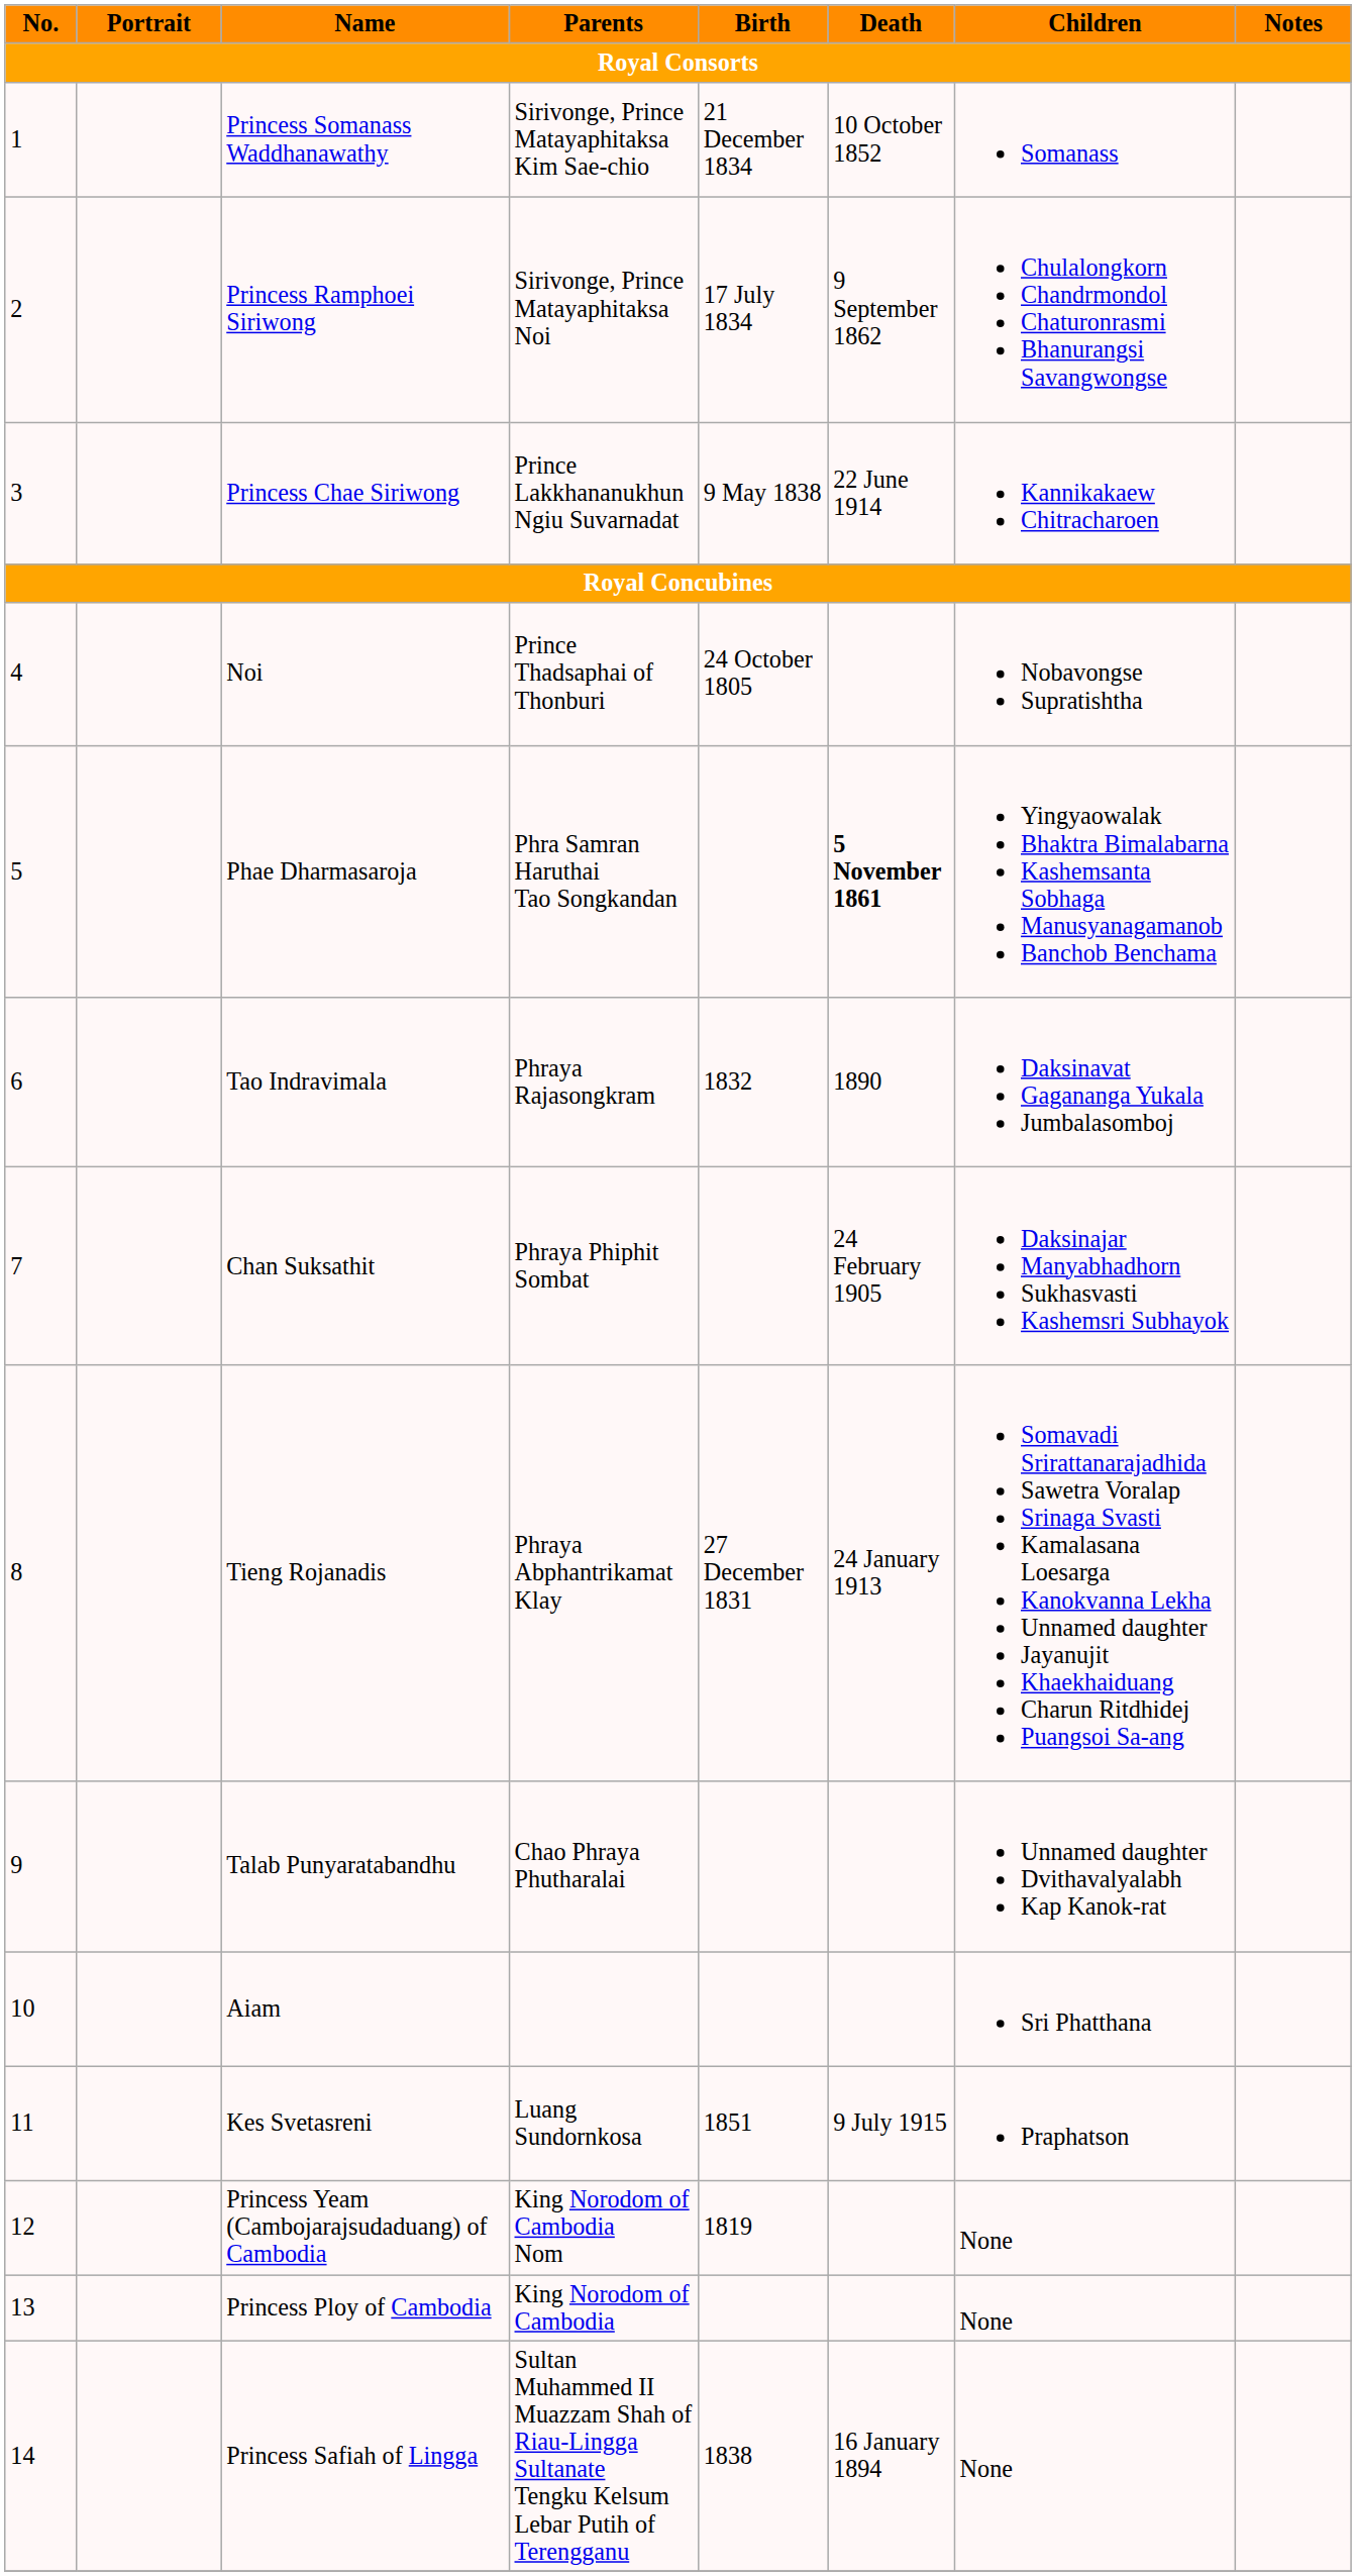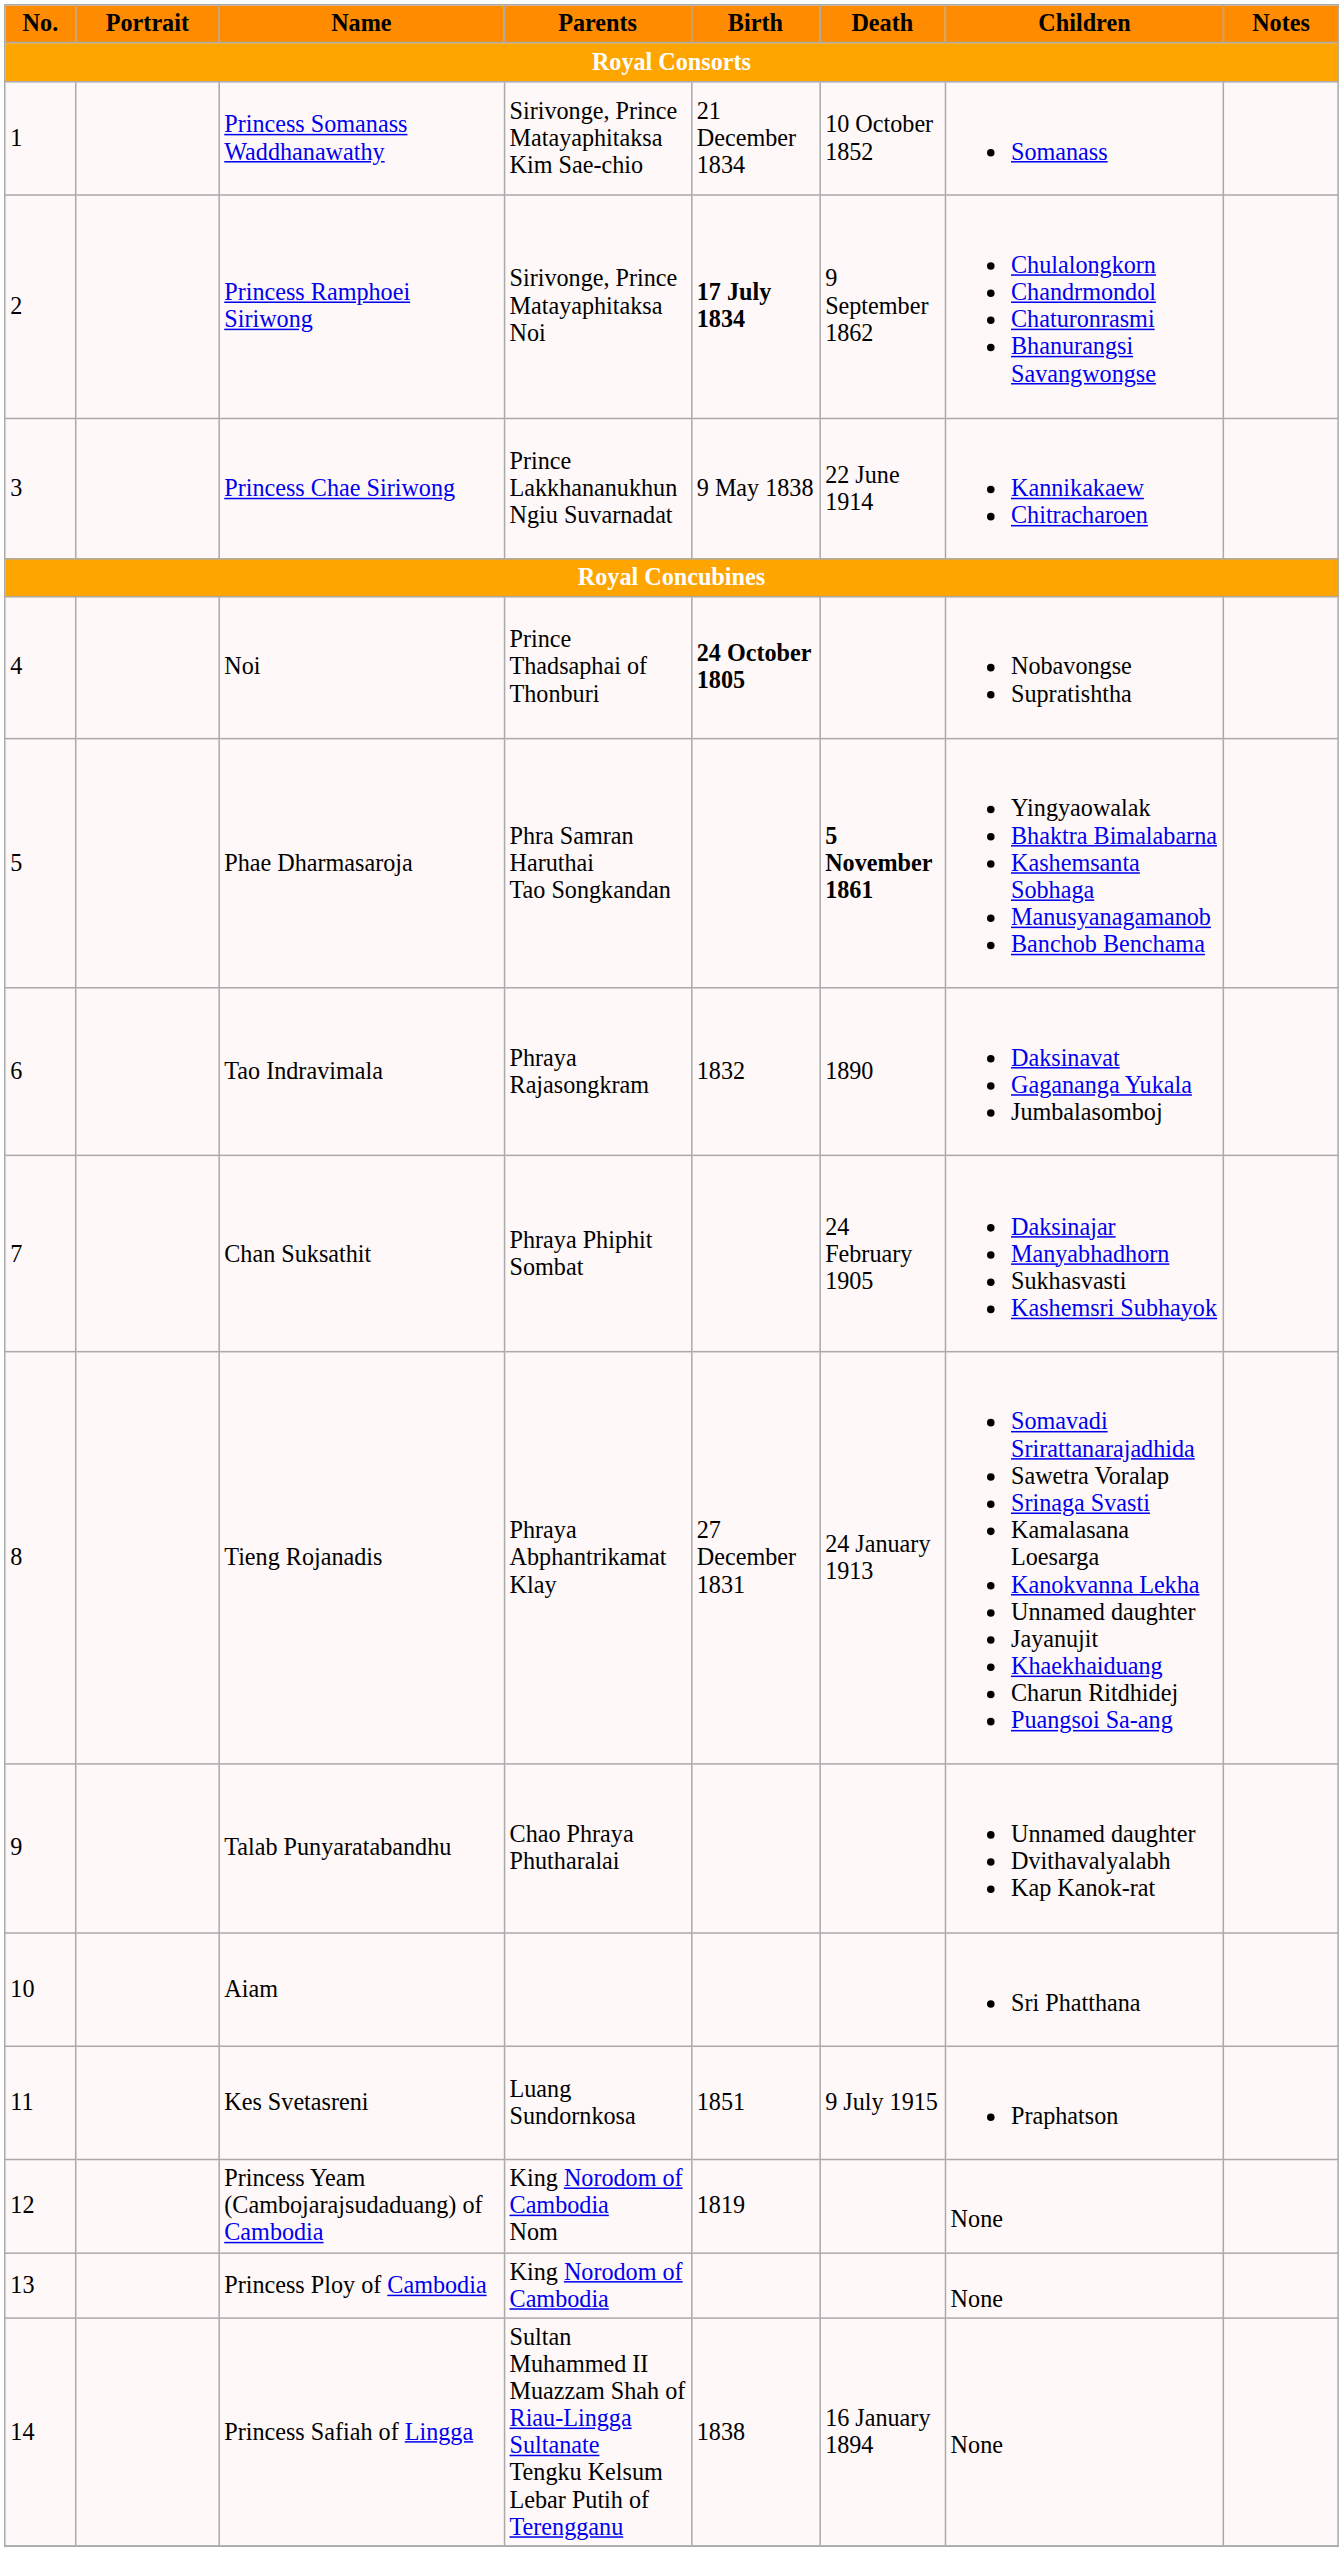 <table width=100% class="wikitable">
 <tr>
 <th style="background-color:#ff8c00" width=5%>No.</th>
 <th style="background-color:#ff8c00" width=10%>Portrait</th>
 <th style="background-color:#ff8c00" width=20%>Name</th>
 <th style="background-color:#ff8c00" width=9%>Parents</th>
 <th style="background-color:#ff8c00" width=9%>Birth</th>
 <th style="background-color:#ff8c00" width=8%>Death</th>
 <th style="background-color:#ff8c00" width=8%>Children</th>
 <th style="background-color:#ff8c00" width=8%>Notes</th>
 </tr>
 <tr>
 <td colspan="8" style="background:#ffa500; color: white;" align="center"><strong>Royal Consorts</strong></td>
 </tr>
 <tr bgcolor=fff8f8>
 <td>1</td>
 <td align="center"></td>
 <td><a href='#'>Princess Somanass Waddhanawathy</a><br></td>
 <td>Sirivonge, Prince Matayaphitaksa<br>Kim Sae-chio</td>
 <td>21 December 1834</td>
 <td>10 October 1852</td>
 <td valign="center"><br><ul><li><a href='#'>Somanass</a></li></ul></td>
 <td></td>
 </tr>
 <tr bgcolor=fff8f8>
 <td>2</td>
 <td align="center"></td>
 <td><a href='#'>Princess Ramphoei Siriwong</a><br></td>
 <td>Sirivonge, Prince Matayaphitaksa<br>Noi</td>
-<td>17 July 1834</td>
+<td><strong>17 July 1834</strong></td>
 <td>9 September 1862</td>
 <td valign="center"><br><ul><li><a href='#'>Chulalongkorn</a></li><li><a href='#'>Chandrmondol</a></li><li><a href='#'>Chaturonrasmi</a></li><li><a href='#'>Bhanurangsi Savangwongse</a></li></ul></td>
 <td></td>
 </tr>
 <tr bgcolor=fff8f8>
 <td>3</td>
 <td align="center"></td>
 <td><a href='#'>Princess Chae Siriwong</a><br></td>
 <td>Prince Lakkhananukhun<br>Ngiu Suvarnadat</td>
 <td>9 May 1838</td>
 <td>22 June 1914</td>
 <td valign="center"><br><ul><li><a href='#'>Kannikakaew</a></li><li><a href='#'>Chitracharoen</a></li></ul></td>
 <td></td>
 </tr>
 <tr>
 <td colspan="8" style="background:#ffa500; color: white;" align="center"><strong>Royal Concubines</strong></td>
 </tr>
 <tr bgcolor=fff8f8>
 <td>4</td>
 <td align="center"></td>
 <td>Noi<br></td>
 <td>Prince Thadsaphai of Thonburi</td>
-<td>24 October 1805</td>
+<td><strong>24 October 1805</strong></td>
 <td></td>
 <td valign="center"><br><ul><li>Nobavongse</li><li>Supratishtha</li></ul></td>
 <td></td>
 </tr>
 <tr bgcolor=fff8f8>
 <td>5</td>
 <td align="center"></td>
 <td>Phae Dharmasaroja<br></td>
 <td>Phra Samran Haruthai<br>Tao Songkandan</td>
 <td></td>
 <td><strong>5 November 1861</strong></td>
 <td valign="center"><br><ul><li>Yingyaowalak</li><li><a href='#'>Bhaktra Bimalabarna</a></li><li><a href='#'>Kashemsanta Sobhaga</a></li><li><a href='#'>Manusyanagamanob</a></li><li><a href='#'>Banchob Benchama</a></li></ul></td>
 <td></td>
 </tr>
 <tr bgcolor=fff8f8>
 <td>6</td>
 <td align="center"></td>
 <td>Tao Indravimala<br></td>
 <td>Phraya Rajasongkram</td>
 <td>1832</td>
 <td>1890</td>
 <td valign="center"><br><ul><li><a href='#'>Daksinavat</a></li><li><a href='#'>Gagananga Yukala</a></li><li>Jumbalasomboj</li></ul></td>
 <td></td>
 </tr>
 <tr bgcolor=fff8f8>
 <td>7</td>
 <td align="center"></td>
 <td>Chan Suksathit<br></td>
 <td>Phraya Phiphit Sombat</td>
 <td></td>
 <td>24 February 1905</td>
 <td valign="center"><br><ul><li><a href='#'>Daksinajar</a></li><li><a href='#'>Manyabhadhorn</a></li><li>Sukhasvasti</li><li><a href='#'>Kashemsri Subhayok</a></li></ul></td>
 <td></td>
 </tr>
 <tr bgcolor=fff8f8>
 <td>8</td>
 <td align="center"></td>
 <td>Tieng Rojanadis<br></td>
 <td>Phraya Abphantrikamat<br>Klay</td>
 <td>27 December 1831</td>
 <td>24 January 1913</td>
 <td valign="center"><br><ul><li><a href='#'>Somavadi Srirattanarajadhida</a></li><li>Sawetra Voralap</li><li><a href='#'>Srinaga Svasti</a></li><li>Kamalasana Loesarga</li><li><a href='#'>Kanokvanna Lekha</a></li><li>Unnamed daughter</li><li>Jayanujit</li><li><a href='#'>Khaekhaiduang</a></li><li>Charun Ritdhidej</li><li><a href='#'>Puangsoi Sa-ang</a></li></ul></td>
 <td></td>
 </tr>
 <tr bgcolor=fff8f8>
 <td>9</td>
 <td align="center"></td>
 <td>Talab Punyaratabandhu<br></td>
 <td>Chao Phraya Phutharalai</td>
 <td></td>
 <td></td>
 <td valign="center"><br><ul><li>Unnamed daughter</li><li>Dvithavalyalabh</li><li>Kap Kanok-rat</li></ul></td>
 <td></td>
 </tr>
 <tr bgcolor=fff8f8>
 <td>10</td>
 <td align="center"></td>
 <td>Aiam<br></td>
 <td></td>
 <td></td>
 <td></td>
 <td valign="center"><br><ul><li>Sri Phatthana</li></ul></td>
 <td></td>
 </tr>
 <tr bgcolor=fff8f8>
 <td>11</td>
 <td align="center"></td>
 <td>Kes Svetasreni<br></td>
 <td>Luang Sundornkosa</td>
 <td>1851</td>
 <td>9 July 1915</td>
 <td valign="center"><br><ul><li>Praphatson</li></ul></td>
 <td></td>
 </tr>
 <tr bgcolor=fff8f8>
 <td>12</td>
 <td align="center"></td>
 <td>Princess Yeam (Cambojarajsudaduang) of <a href='#'>Cambodia</a> <br></td>
 <td>King <a href='#'>Norodom of Cambodia</a><br>Nom</td>
 <td>1819</td>
 <td></td>
 <td valign="center"><br>None</td>
 <td></td>
 </tr>
 <tr bgcolor=fff8f8>
 <td>13</td>
 <td align="center"></td>
 <td>Princess Ploy of <a href='#'>Cambodia</a> <br></td>
 <td>King <a href='#'>Norodom of Cambodia</a></td>
 <td></td>
 <td></td>
 <td valign="center"><br>None</td>
 <td></td>
 </tr>
 <tr bgcolor=fff8f8>
 <td>14</td>
 <td align="center"></td>
 <td>Princess Safiah of <a href='#'>Lingga</a> <br></td>
 <td>Sultan Muhammed II Muazzam Shah of  <a href='#'>Riau-Lingga Sultanate</a><br>Tengku Kelsum Lebar Putih of <a href='#'>Terengganu</a></td>
 <td>1838</td>
 <td>16 January 1894</td>
 <td valign="center"><br>None</td>
 <td></td>
 </tr>
 <tr>
 </tr>
 </table>
